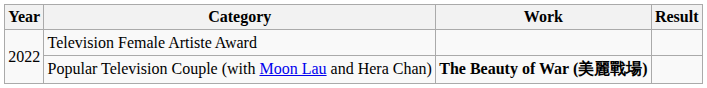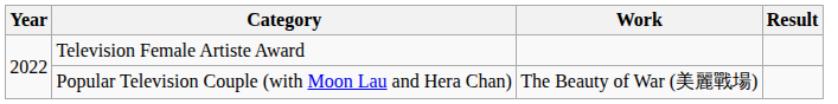 <table class="wikitable sortable">
 <tr>
 <th>Year</th>
 <th>Category</th>
 <th>Work</th>
 <th>Result</th>
 </tr>
 <tr>
 <td rowspan=2>2022</td>
 <td>Television Female Artiste Award</td>
 <td></td>
 <td></td>
 </tr>
 <tr>
 <td>Popular Television Couple (with <a href='#'>Moon Lau</a> and Hera Chan)</td>
-<td><strong>The Beauty of War (美麗戰場)</strong></td>
+<td>The Beauty of War (美麗戰場)</td>
 <td></td>
 </tr>
 </table>
